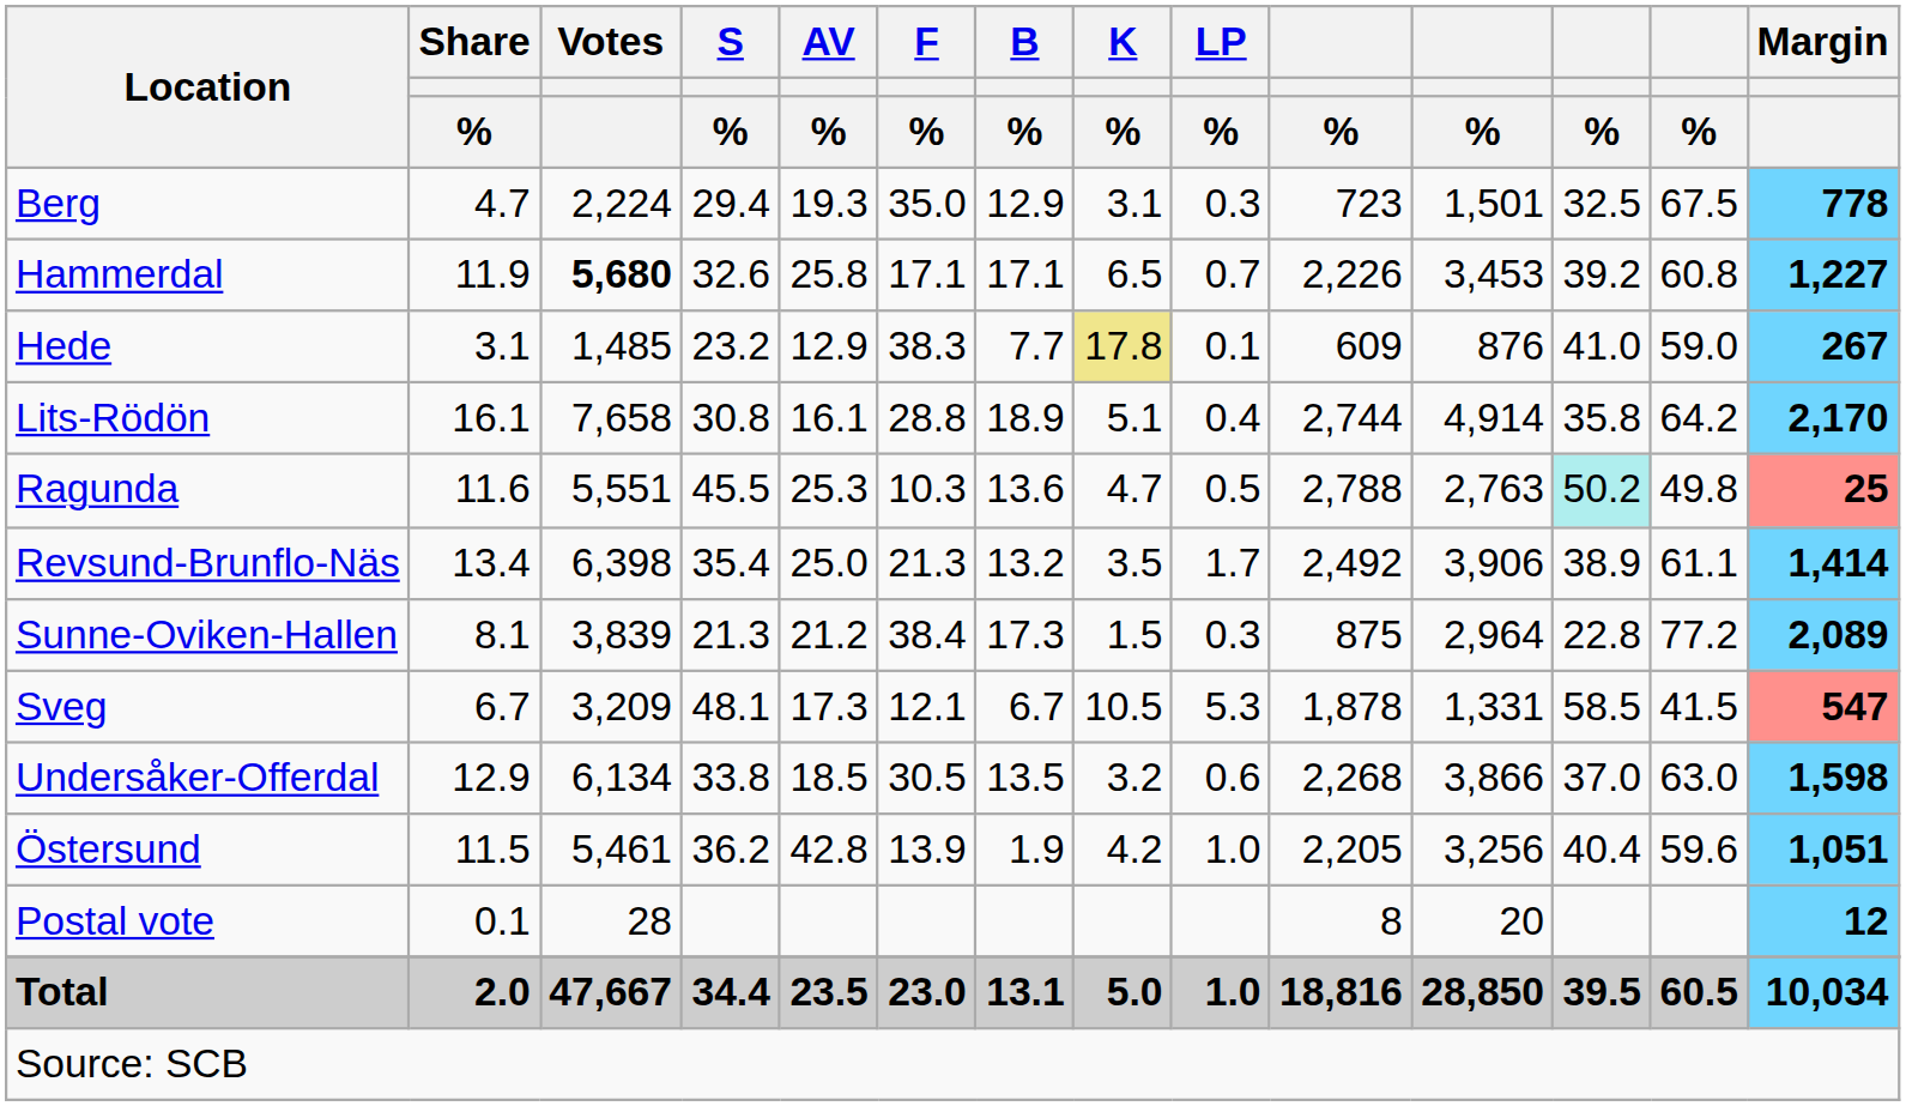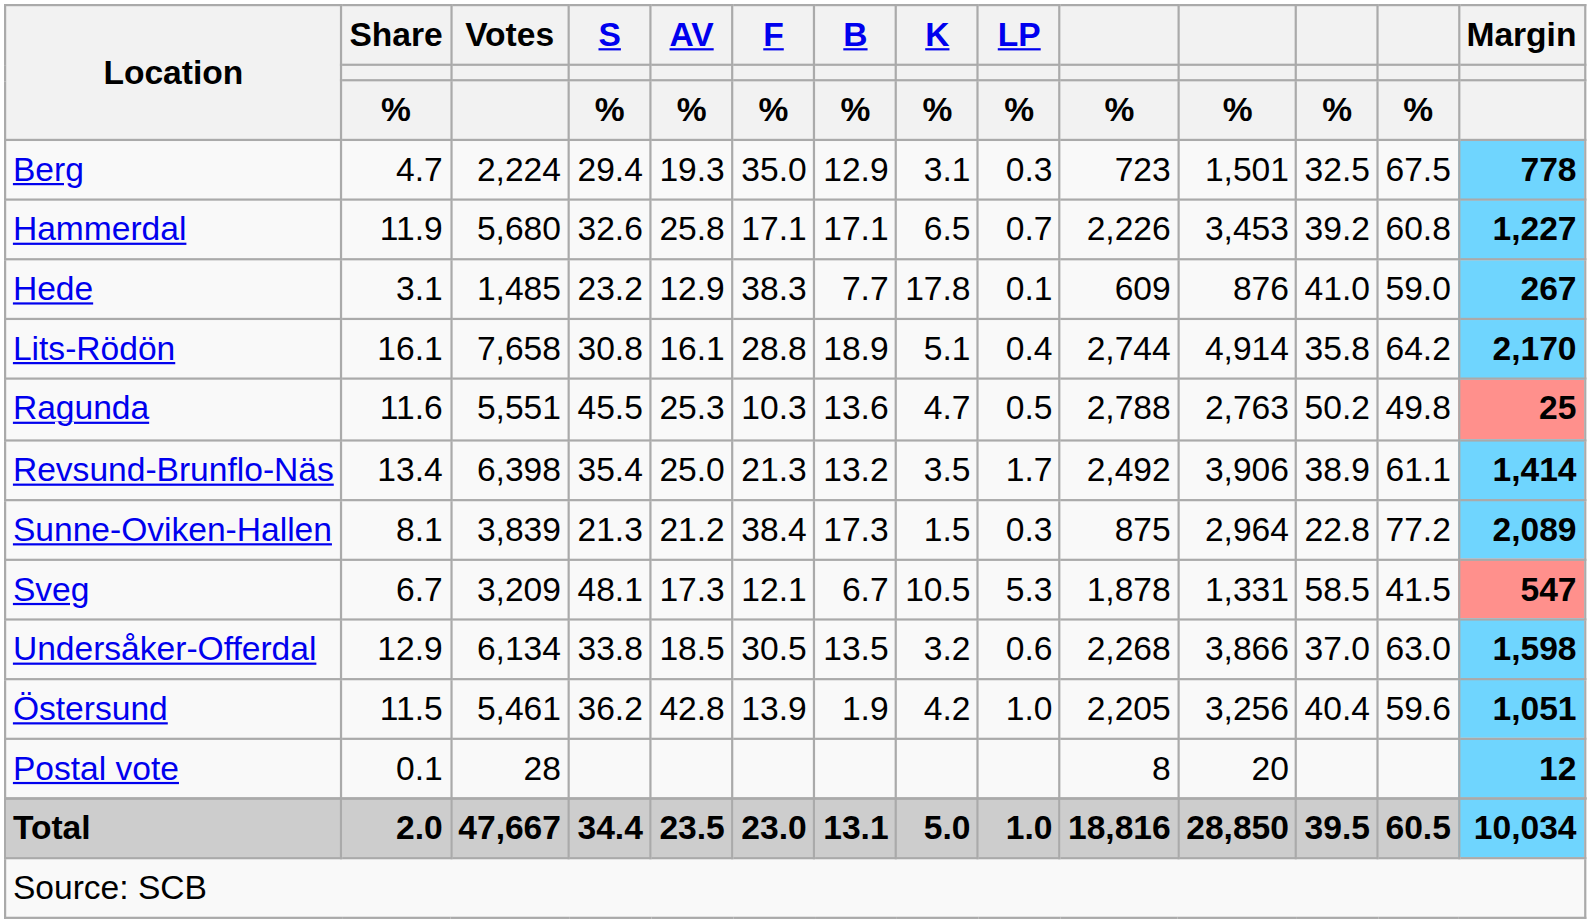 <table class="wikitable sortable" style="text-align:right; font-size:95%; line-height:20px;">
 <tr>
 <th rowspan="3">Location</th>
 <th>Share</th>
 <th>Votes</th>
 <th width="30px" class="unsortable"><a href='#'>S</a></th>
 <th width="30px" class="unsortable"><a href='#'>AV</a></th>
 <th width="30px" class="unsortable"><a href='#'>F</a></th>
 <th width="30px" class="unsortable"><a href='#'>B</a></th>
 <th width="30px" class="unsortable"><a href='#'>K</a></th>
 <th width="30px" class="unsortable"><a href='#'>LP</a></th>
 <th></th>
 <th></th>
 <th></th>
 <th></th>
 <th>Margin</th>
 </tr>
 <tr>
 <th></th>
 <th></th>
 <th style="background:"></th>
 <th style="background:"></th>
 <th style="background:"></th>
 <th style="background:"></th>
 <th style="background:"></th>
 <th style="background:"></th>
 <th style="background:"></th>
 <th style="background:"></th>
 <th style="background:"></th>
 <th style="background:"></th>
 <th></th>
 </tr>
 <tr>
 <th data-sort-type="number">%</th>
 <th></th>
 <th data-sort-type="number">%</th>
 <th data-sort-type="number">%</th>
 <th data-sort-type="number">%</th>
 <th data-sort-type="number">%</th>
 <th data-sort-type="number">%</th>
 <th data-sort-type="number">%</th>
 <th data-sort-type="number">%</th>
 <th data-sort-type="number">%</th>
 <th data-sort-type="number">%</th>
 <th data-sort-type="number">%</th>
 <th></th>
 </tr>
 <tr>
 <td align=left><a href='#'>Berg</a></td>
 <td>4.7</td>
 <td>2,224</td>
 <td>29.4</td>
 <td>19.3</td>
 <td>35.0</td>
 <td>12.9</td>
 <td>3.1</td>
 <td>0.3</td>
 <td>723</td>
 <td>1,501</td>
 <td>32.5</td>
 <td>67.5</td>
 <td bgcolor=#6fd5fe><strong>778</strong></td>
 </tr>
 <tr>
 <td align=left><a href='#'>Hammerdal</a></td>
 <td>11.9</td>
-<td><strong>5,680</strong></td>
+<td>5,680</td>
 <td>32.6</td>
 <td>25.8</td>
 <td>17.1</td>
 <td>17.1</td>
 <td>6.5</td>
 <td>0.7</td>
 <td>2,226</td>
 <td>3,453</td>
 <td>39.2</td>
 <td>60.8</td>
 <td bgcolor=#6fd5fe><strong>1,227</strong></td>
 </tr>
 <tr>
 <td align=left><a href='#'>Hede</a></td>
 <td>3.1</td>
 <td>1,485</td>
 <td>23.2</td>
 <td>12.9</td>
 <td>38.3</td>
 <td>7.7</td>
-<td style="background: khaki;">17.8</td>
+<td>17.8</td>
 <td>0.1</td>
 <td>609</td>
 <td>876</td>
 <td>41.0</td>
 <td>59.0</td>
 <td bgcolor=#6fd5fe><strong>267</strong></td>
 </tr>
 <tr>
 <td align=left><a href='#'>Lits-Rödön</a></td>
 <td>16.1</td>
 <td>7,658</td>
 <td>30.8</td>
 <td>16.1</td>
 <td>28.8</td>
 <td>18.9</td>
 <td>5.1</td>
 <td>0.4</td>
 <td>2,744</td>
 <td>4,914</td>
 <td>35.8</td>
 <td>64.2</td>
 <td bgcolor=#6fd5fe><strong>2,170</strong></td>
 </tr>
 <tr>
 <td align=left><a href='#'>Ragunda</a></td>
 <td>11.6</td>
 <td>5,551</td>
 <td>45.5</td>
 <td>25.3</td>
 <td>10.3</td>
 <td>13.6</td>
 <td>4.7</td>
 <td>0.5</td>
 <td>2,788</td>
 <td>2,763</td>
-<td style="background: paleturquoise;">50.2</td>
+<td>50.2</td>
 <td>49.8</td>
 <td bgcolor=#ff908c><strong>25</strong></td>
 </tr>
 <tr>
 <td align=left><a href='#'>Revsund-Brunflo-Näs</a></td>
 <td>13.4</td>
 <td>6,398</td>
 <td>35.4</td>
 <td>25.0</td>
 <td>21.3</td>
 <td>13.2</td>
 <td>3.5</td>
 <td>1.7</td>
 <td>2,492</td>
 <td>3,906</td>
 <td>38.9</td>
 <td>61.1</td>
 <td bgcolor=#6fd5fe><strong>1,414</strong></td>
 </tr>
 <tr>
 <td align=left><a href='#'>Sunne-Oviken-Hallen</a></td>
 <td>8.1</td>
 <td>3,839</td>
 <td>21.3</td>
 <td>21.2</td>
 <td>38.4</td>
 <td>17.3</td>
 <td>1.5</td>
 <td>0.3</td>
 <td>875</td>
 <td>2,964</td>
 <td>22.8</td>
 <td>77.2</td>
 <td bgcolor=#6fd5fe><strong>2,089</strong></td>
 </tr>
 <tr>
 <td align=left><a href='#'>Sveg</a></td>
 <td>6.7</td>
 <td>3,209</td>
 <td>48.1</td>
 <td>17.3</td>
 <td>12.1</td>
 <td>6.7</td>
 <td>10.5</td>
 <td>5.3</td>
 <td>1,878</td>
 <td>1,331</td>
 <td>58.5</td>
 <td>41.5</td>
 <td bgcolor=#ff908c><strong>547</strong></td>
 </tr>
 <tr>
 <td align=left><a href='#'>Undersåker-Offerdal</a></td>
 <td>12.9</td>
 <td>6,134</td>
 <td>33.8</td>
 <td>18.5</td>
 <td>30.5</td>
 <td>13.5</td>
 <td>3.2</td>
 <td>0.6</td>
 <td>2,268</td>
 <td>3,866</td>
 <td>37.0</td>
 <td>63.0</td>
 <td bgcolor=#6fd5fe><strong>1,598</strong></td>
 </tr>
 <tr>
 <td align=left><a href='#'>Östersund</a></td>
 <td>11.5</td>
 <td>5,461</td>
 <td>36.2</td>
 <td>42.8</td>
 <td>13.9</td>
 <td>1.9</td>
 <td>4.2</td>
 <td>1.0</td>
 <td>2,205</td>
 <td>3,256</td>
 <td>40.4</td>
 <td>59.6</td>
 <td bgcolor=#6fd5fe><strong>1,051</strong></td>
 </tr>
 <tr>
 <td align=left><a href='#'>Postal vote</a></td>
 <td>0.1</td>
 <td>28</td>
 <td></td>
 <td></td>
 <td></td>
 <td></td>
 <td></td>
 <td></td>
 <td>8</td>
 <td>20</td>
 <td></td>
 <td></td>
 <td bgcolor=#6fd5fe><strong>12</strong></td>
 </tr>
 <tr>
 </tr>
 <tr style="background:#CDCDCD;">
 <td align=left><strong>Total</strong></td>
 <td><strong>2.0</strong></td>
 <td><strong>47,667</strong></td>
 <td><strong>34.4</strong></td>
 <td><strong>23.5</strong></td>
 <td><strong>23.0</strong></td>
 <td><strong>13.1</strong></td>
 <td><strong>5.0</strong></td>
 <td><strong>1.0</strong></td>
 <td><strong>18,816</strong></td>
 <td><strong>28,850</strong></td>
 <td><strong>39.5</strong></td>
 <td><strong>60.5</strong></td>
 <td bgcolor=#6fd5fe><strong>10,034</strong></td>
 </tr>
 <tr>
 <td align=left colspan=14>Source: SCB </td>
 </tr>
 </table>
